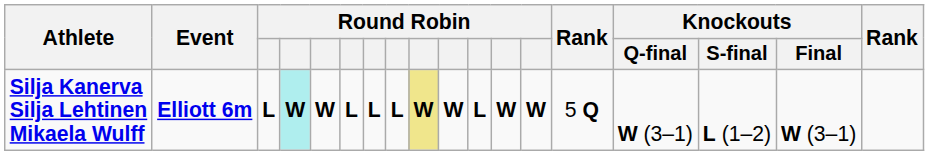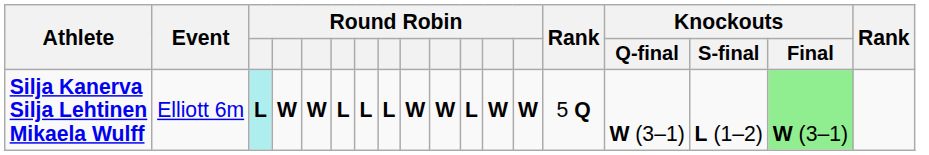 <table class="wikitable" style="font-size:90%">
 <tr>
 <th rowspan="2">Athlete</th>
 <th rowspan="2">Event</th>
 <th colspan="11">Round Robin</th>
 <th rowspan="2">Rank</th>
 <th colspan="3">Knockouts</th>
 <th rowspan="2">Rank</th>
 </tr>
 <tr style="vertical-align:bottom; font-size:95%">
 <th></th>
 <th></th>
 <th></th>
 <th></th>
 <th></th>
 <th></th>
 <th></th>
 <th></th>
 <th></th>
 <th></th>
 <th></th>
 <th valign=middle>Q-final</th>
 <th valign=middle>S-final</th>
 <th valign=middle>Final</th>
 </tr>
 <tr align=center>
 <td align=left><strong><a href='#'>Silja Kanerva</a><br><a href='#'>Silja Lehtinen</a><br><a href='#'>Mikaela Wulff</a></strong></td>
-<td align=left><strong><a href='#'>Elliott 6m</a></strong></td>
-<td><strong>L</strong></td>
-<td style="background: paleturquoise;"><strong>W</strong></td>
+<td align=left><a href='#'>Elliott 6m</a></td>
+<td style="background: paleturquoise;"><strong>L</strong></td>
+<td><strong>W</strong></td>
 <td><strong>W</strong></td>
 <td><strong>L</strong></td>
 <td><strong>L</strong></td>
 <td><strong>L</strong></td>
-<td style="background: khaki;"><strong>W</strong></td>
+<td><strong>W</strong></td>
 <td><strong>W</strong></td>
 <td><strong>L</strong></td>
 <td><strong>W</strong></td>
 <td><strong>W</strong></td>
 <td>5 <strong>Q</strong></td>
 <td valign=bottom><br><strong>W</strong> (3–1)</td>
 <td valign=bottom><br><strong>L</strong> (1–2)</td>
-<td valign=bottom><br><strong>W</strong> (3–1)</td>
+<td valign=bottom style="background: lightgreen;"><br><strong>W</strong> (3–1)</td>
 <td></td>
 </tr>
 </table>
